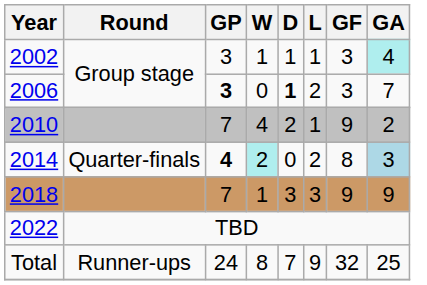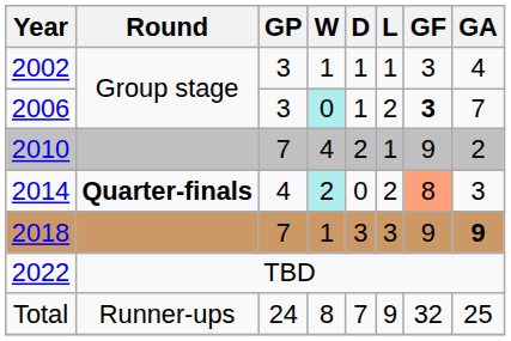 <table class="wikitable" style="text-align: center;font-size:90%;">
 <tr>
 <th>Year</th>
 <th>Round</th>
 <th>GP</th>
 <th>W</th>
 <th>D</th>
 <th>L</th>
 <th>GF</th>
 <th>GA</th>
 </tr>
 <tr>
 <td> <a href='#'>2002</a></td>
 <td rowspan=2>Group stage</td>
 <td>3</td>
 <td>1</td>
 <td>1</td>
 <td>1</td>
 <td>3</td>
-<td style="background: paleturquoise;">4</td>
+<td>4</td>
 </tr>
 <tr>
 <td> <a href='#'>2006</a></td>
+<td>3</td>
+<td style="background: paleturquoise;">0</td>
+<td>1</td>
+<td>2</td>
 <td><strong>3</strong></td>
-<td>0</td>
-<td><strong>1</strong></td>
-<td>2</td>
-<td>3</td>
 <td>7</td>
 </tr>
 <tr>
 </tr>
 <tr bgcolor=silver>
 <td> <a href='#'>2010</a></td>
 <td></td>
 <td>7</td>
 <td>4</td>
 <td>2</td>
 <td>1</td>
 <td>9</td>
 <td>2</td>
 </tr>
 <tr>
 <td> <a href='#'>2014</a></td>
-<td>Quarter-finals</td>
-<td><strong>4</strong></td>
+<td><strong>Quarter-finals</strong></td>
+<td>4</td>
 <td style="background: paleturquoise;">2</td>
 <td>0</td>
 <td>2</td>
-<td>8</td>
-<td style="background: lightblue;">3</td>
+<td style="background: lightsalmon;">8</td>
+<td>3</td>
 </tr>
 <tr bgcolor=#cc9966>
 <td> <a href='#'>2018</a></td>
 <td></td>
 <td>7</td>
 <td>1</td>
 <td>3</td>
 <td>3</td>
 <td>9</td>
-<td>9</td>
+<td><strong>9</strong></td>
 </tr>
 <tr>
 <td> <a href='#'>2022</a></td>
 <td colspan=7>TBD</td>
 </tr>
 <tr>
 <td>Total</td>
 <td>Runner-ups</td>
 <td>24</td>
 <td>8</td>
 <td>7</td>
 <td>9</td>
 <td>32</td>
 <td>25</td>
 </tr>
 <tr>
 </tr>
 </table>
